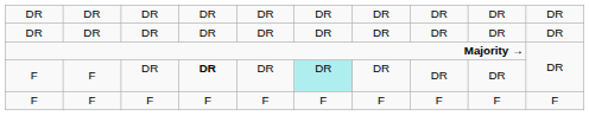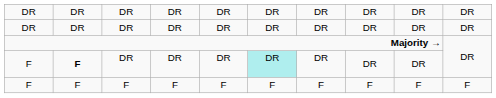 <table class="wikitable" style="text-align:center" width=800px>
 <tr>
 <td>DR</td>
 <td>DR</td>
 <td>DR</td>
 <td>DR</td>
 <td>DR</td>
 <td>DR</td>
 <td>DR</td>
 <td>DR</td>
 <td>DR</td>
 <td>DR</td>
 </tr>
 <tr>
 <td width=50px >DR</td>
 <td width=50px >DR</td>
 <td width=50px >DR</td>
 <td width=50px >DR</td>
 <td width=50px >DR</td>
 <td width=50px >DR</td>
 <td width=50px >DR</td>
 <td width=50px >DR</td>
 <td width=50px >DR</td>
 <td width=50px >DR</td>
 </tr>
 <tr>
 <td colspan=9 style="text-align:right"><strong>Majority →</strong></td>
 <td rowspan=2 >DR</td>
 </tr>
 <tr>
 <td>F</td>
-<td>F</td>
+<td><strong>F</strong></td>
 <td>DR<br><br></td>
-<td><strong>DR<br><br></strong></td>
+<td>DR<br><br></td>
 <td>DR<br><br></td>
 <td style="background: paleturquoise;">DR<br><br></td>
 <td>DR<br><br></td>
 <td>DR</td>
 <td>DR</td>
 </tr>
 <tr>
 <td>F</td>
 <td>F</td>
 <td>F</td>
 <td>F</td>
 <td>F</td>
 <td>F</td>
 <td>F</td>
 <td>F</td>
 <td>F</td>
 <td>F</td>
 </tr>
 </table>
